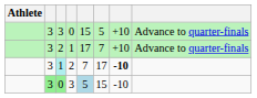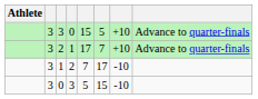 <table class=wikitable style="text-align:center">
 <tr>
 <th>Athlete</th>
 <th></th>
 <th></th>
 <th></th>
 <th></th>
 <th></th>
 <th></th>
 <th></th>
 </tr>
 <tr bgcolor=bbf3bb>
 <td style="text-align:left"></td>
 <td>3</td>
 <td>3</td>
 <td>0</td>
 <td>15</td>
 <td>5</td>
 <td>+10</td>
 <td>Advance to <a href='#'>quarter-finals</a></td>
 </tr>
 <tr bgcolor=bbf3bb>
 <td style="text-align:left"></td>
 <td>3</td>
 <td>2</td>
 <td>1</td>
 <td>17</td>
 <td>7</td>
 <td>+10</td>
 <td>Advance to <a href='#'>quarter-finals</a></td>
 </tr>
 <tr>
 <td style="text-align:left"></td>
 <td>3</td>
-<td style="background: paleturquoise;">1</td>
+<td>1</td>
 <td>2</td>
 <td>7</td>
 <td>17</td>
-<td><strong>-10</strong></td>
+<td>-10</td>
 <td></td>
 </tr>
 <tr>
 <td style="text-align:left"></td>
-<td style="background: lightgreen;">3</td>
-<td style="background: lightgreen;">0</td>
 <td>3</td>
-<td style="background: lightblue;">5</td>
+<td>0</td>
+<td>3</td>
+<td>5</td>
 <td>15</td>
 <td>-10</td>
 <td></td>
 </tr>
 </table>
